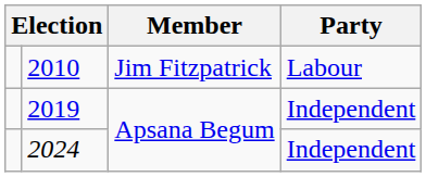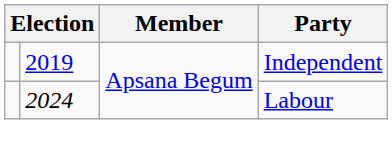 <table class="wikitable">
 <tr>
 <th colspan="2">Election</th>
 <th>Member</th>
 <th>Party</th>
-</tr>
-<tr>
-<td style="color:inherit;background-color: "></td>
-<td><a href='#'>2010</a></td>
-<td><a href='#'>Jim Fitzpatrick</a></td>
-<td><a href='#'>Labour</a></td>
 </tr>
 <tr>
 <td style="color:inherit;background-color: "></td>
 <td><a href='#'>2019</a></td>
 <td rowspan="2"><a href='#'>Apsana Begum</a></td>
 <td><a href='#'>Independent</a></td>
 </tr>
 <tr>
 <td style="color:inherit;background-color: "></td>
 <td><em>2024</em></td>
-<td><a href='#'>Independent</a></td>
+<td><a href='#'>Labour</a></td>
 </tr>
 </table>
